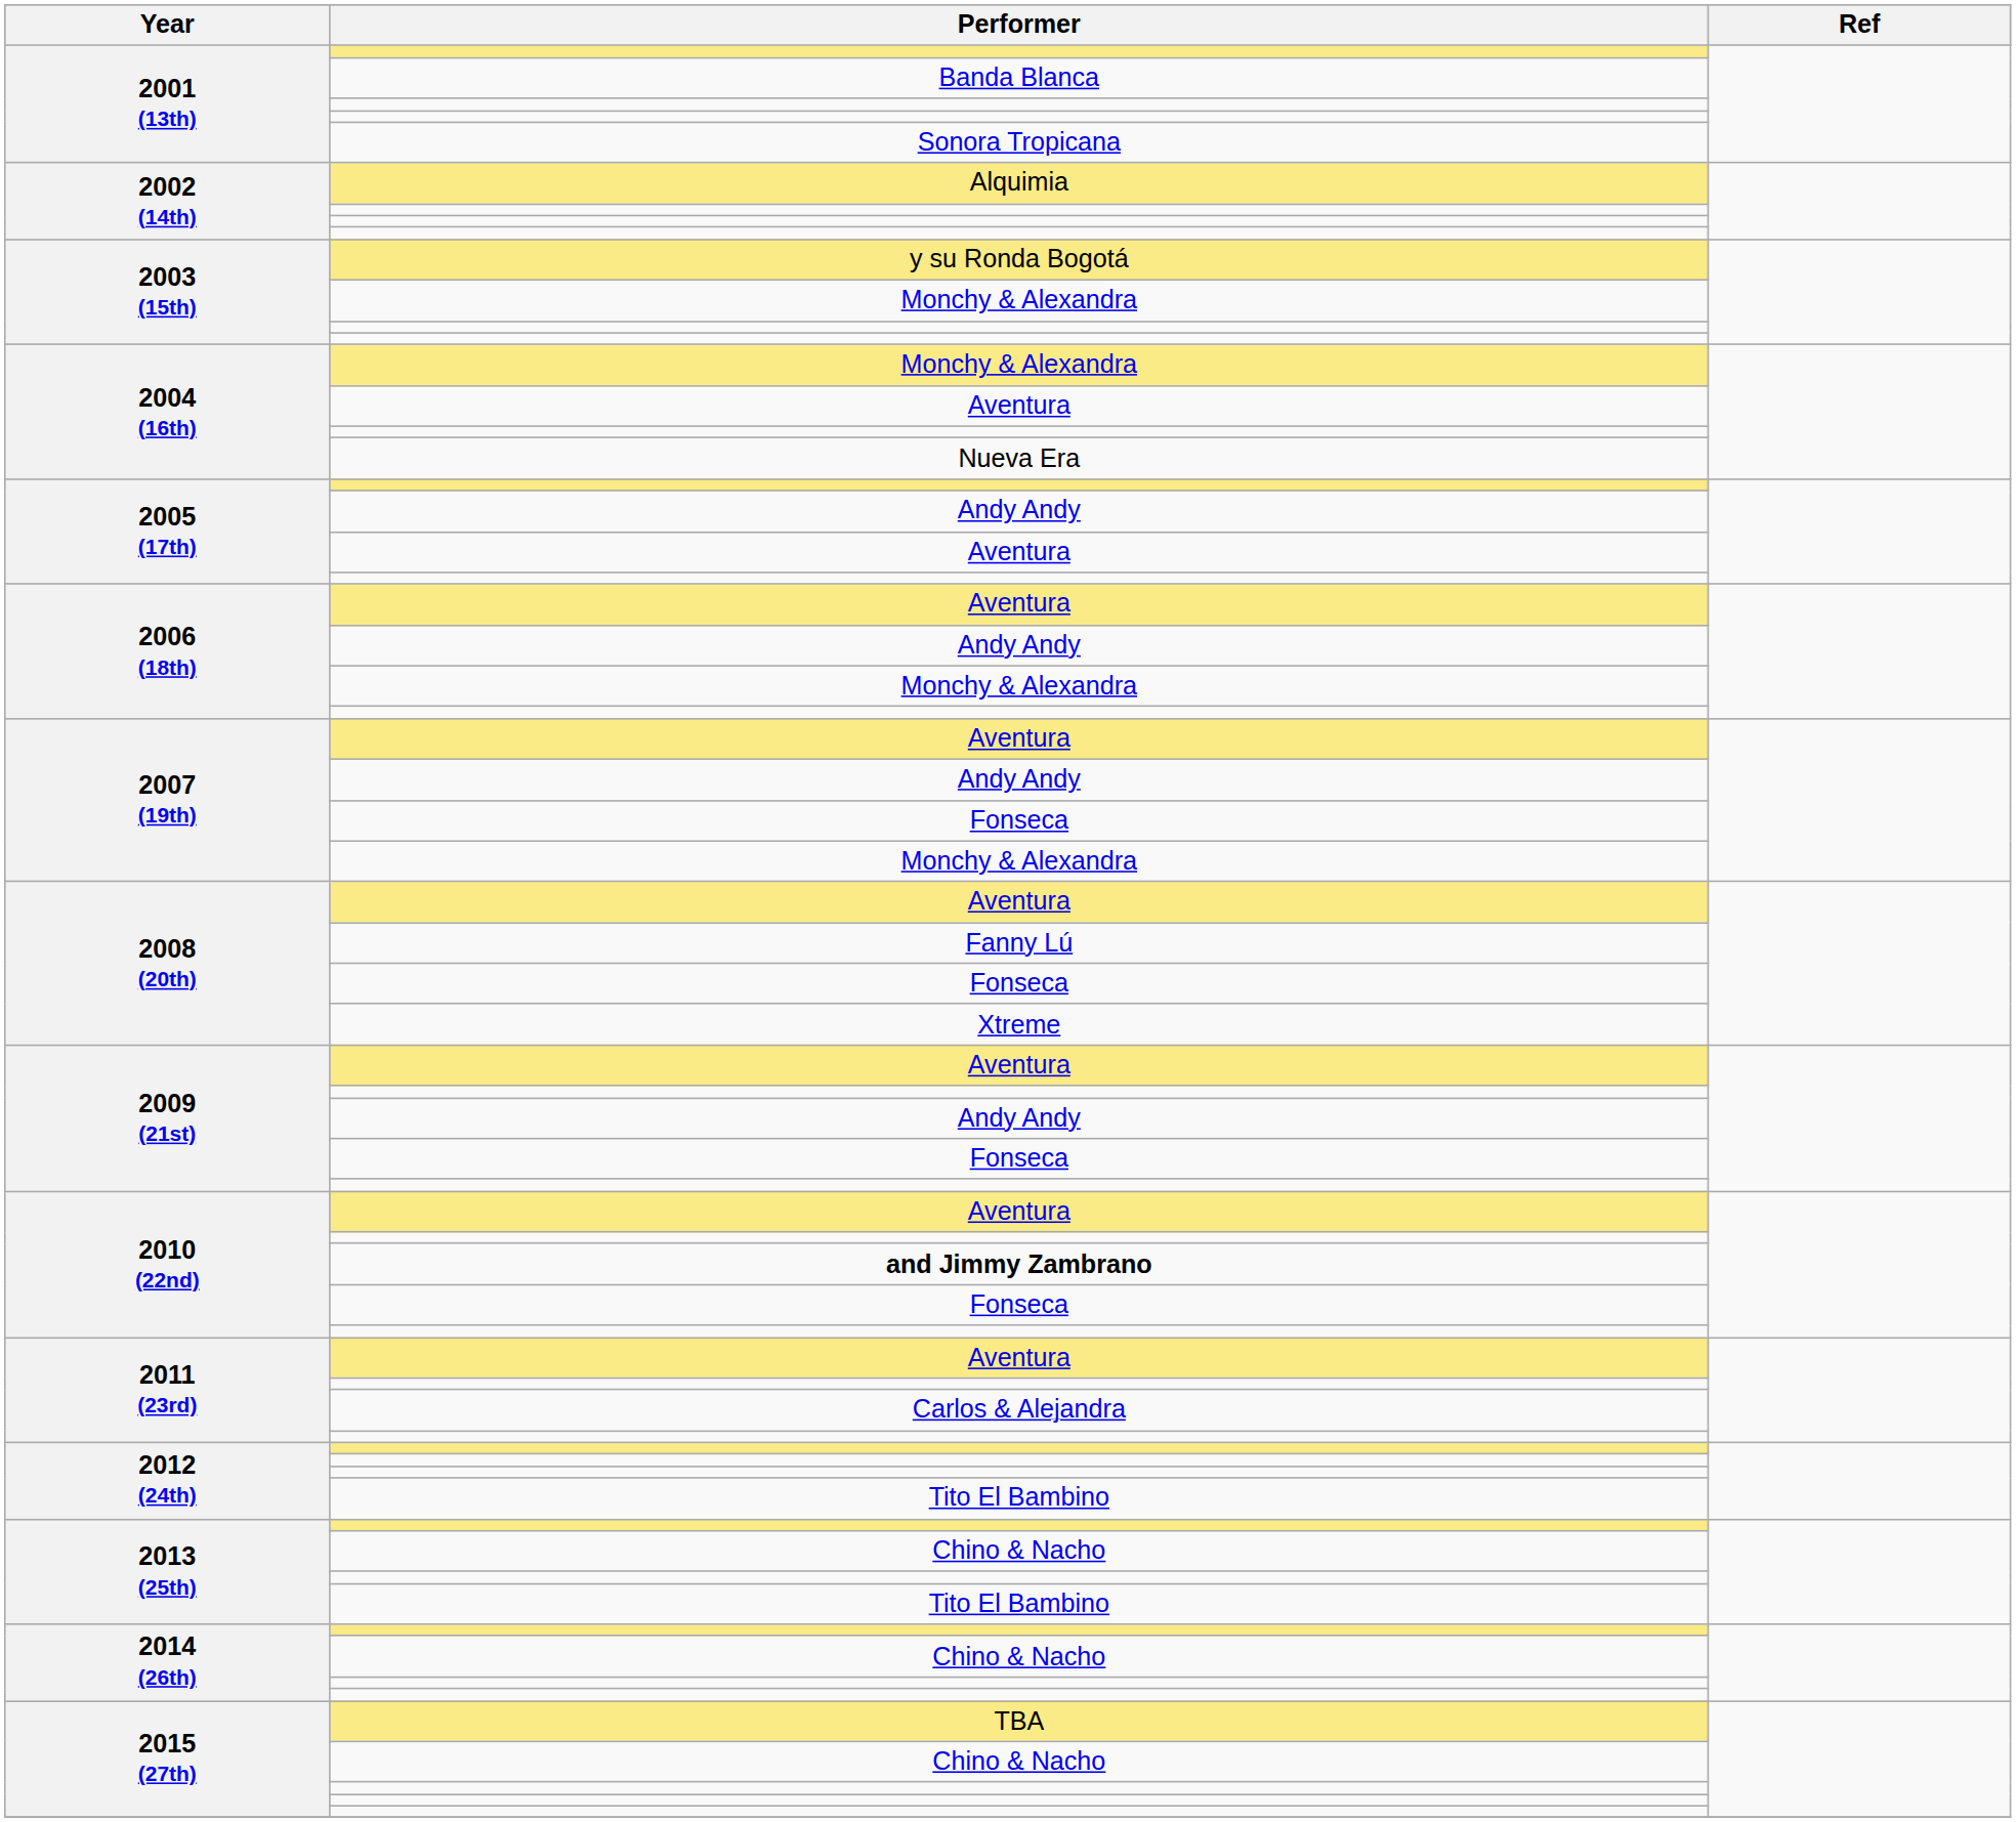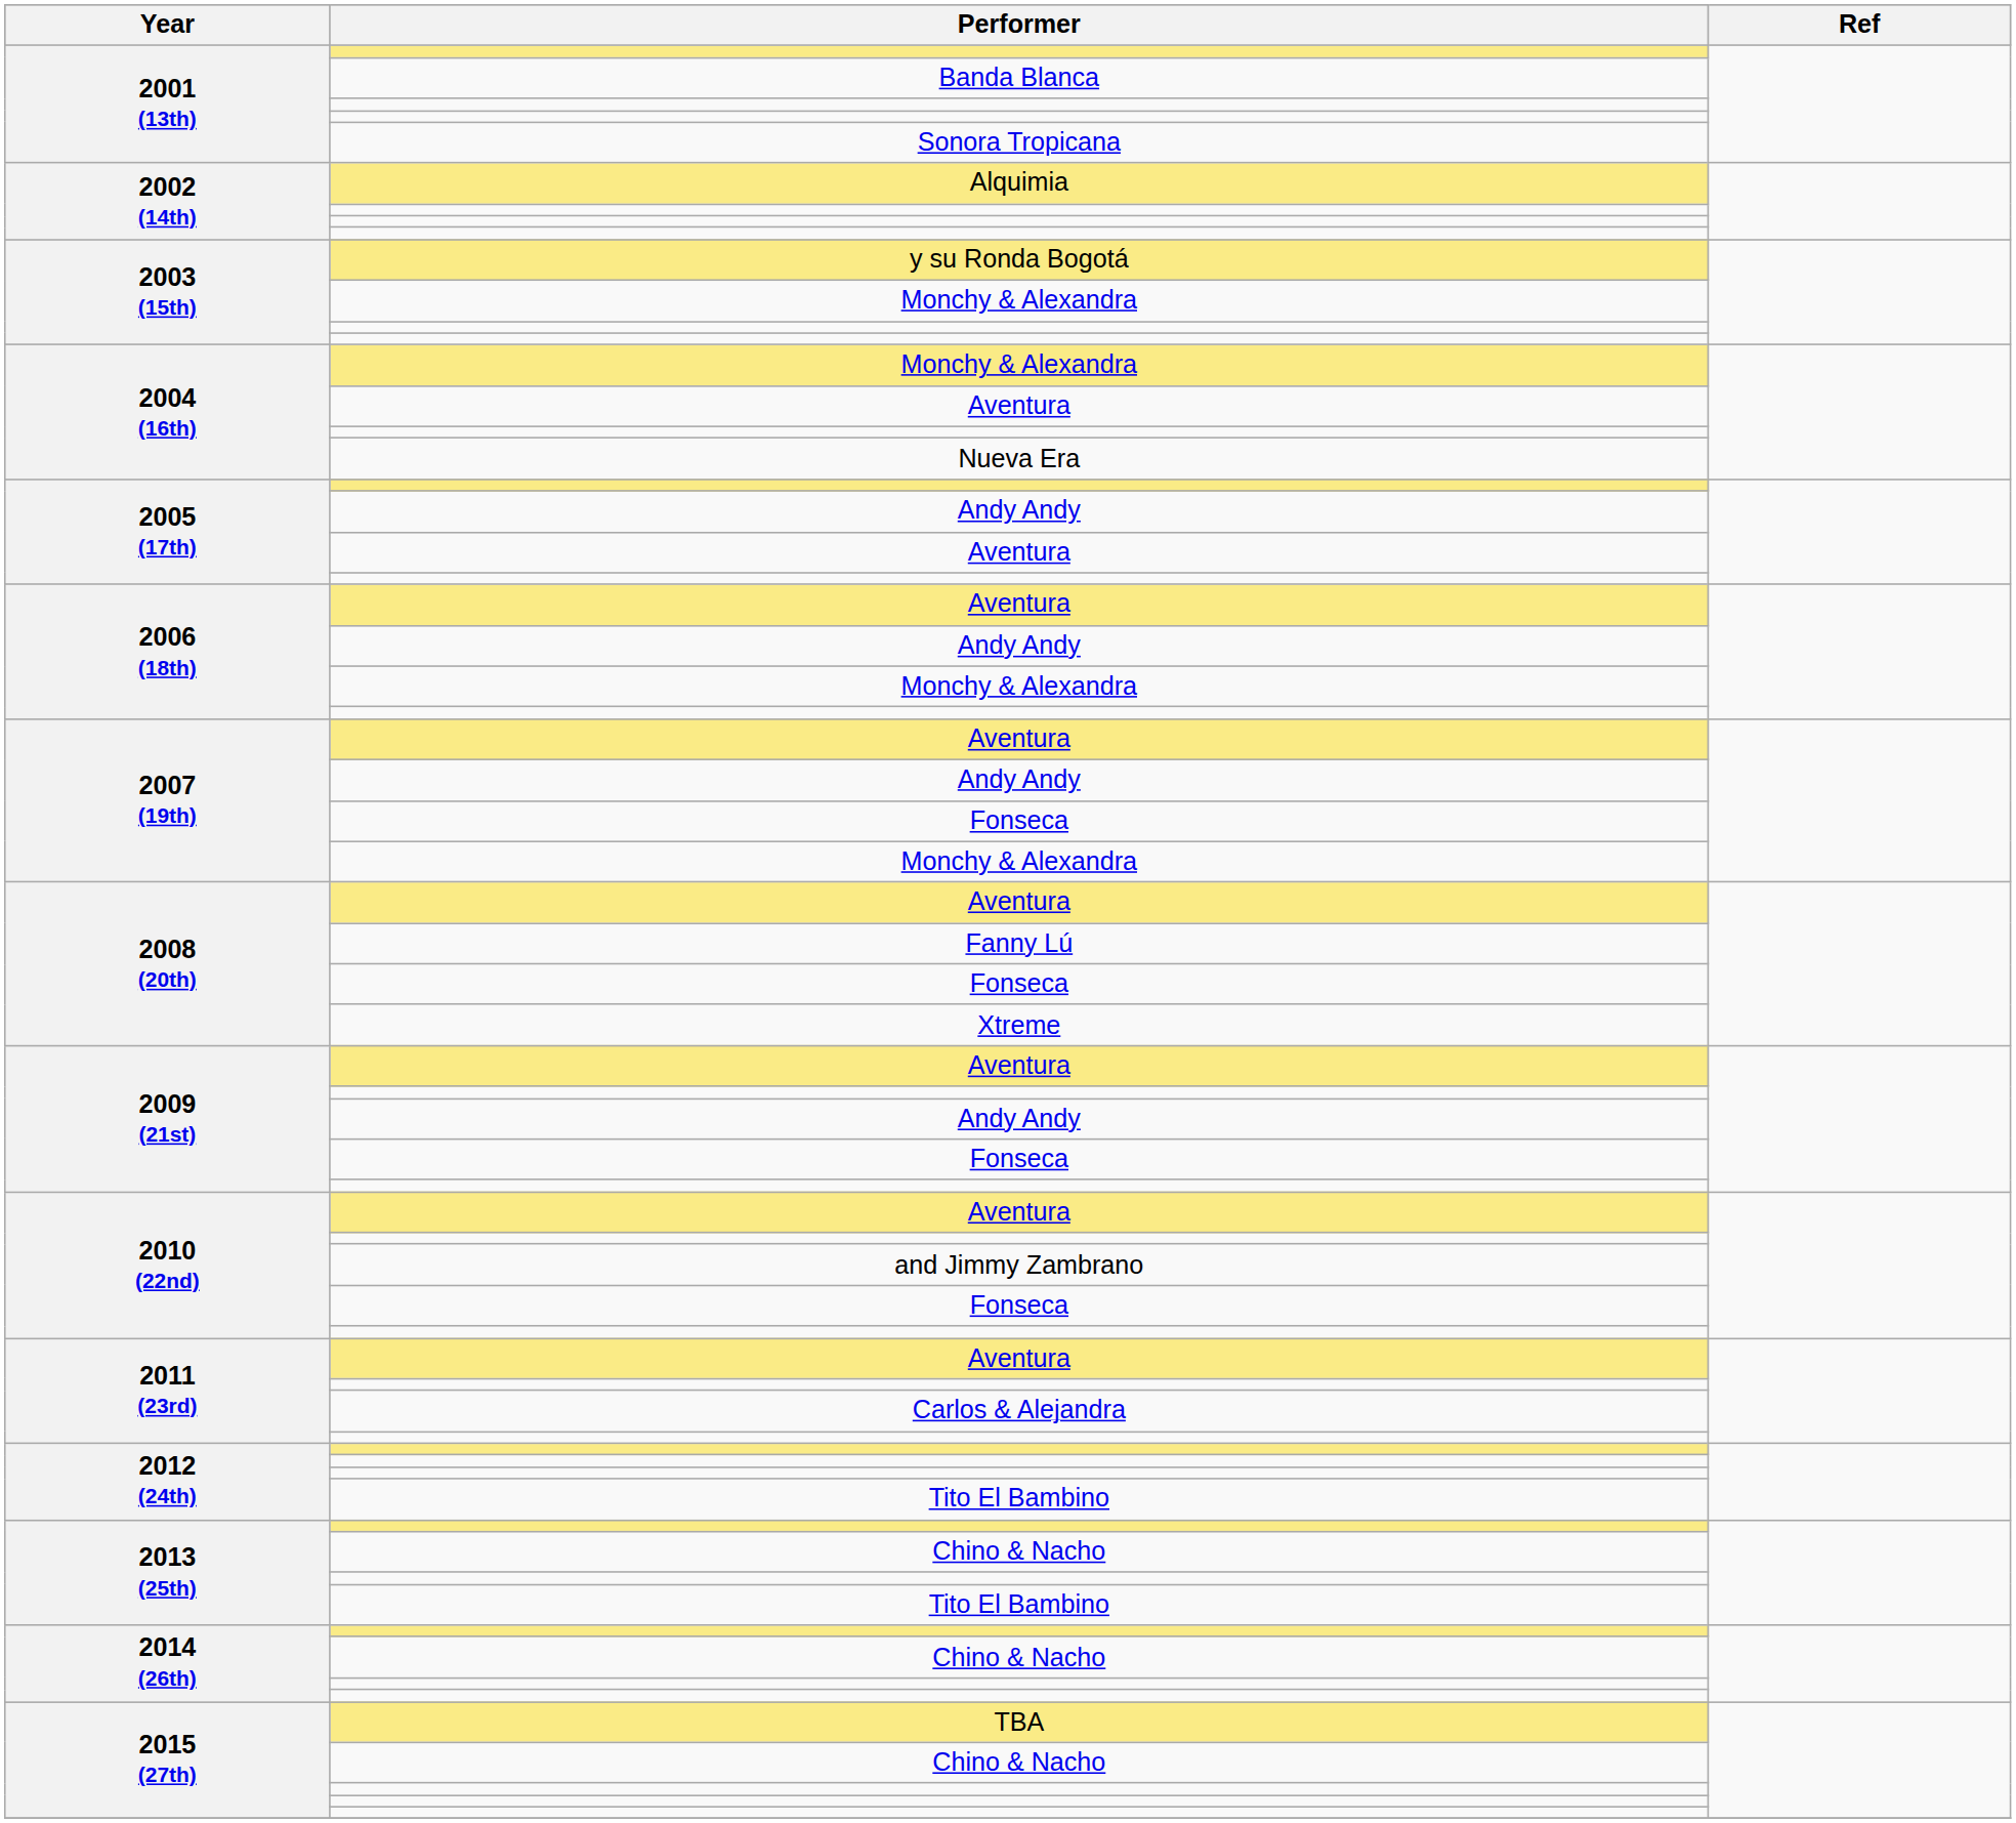 <table class="wikitable sortable" style="text-align:center;">
 <tr style="background:#bebebe;">
 <th scope="col" style="width:1%;">Year</th>
 <th scope="col" style="width:5%;">Performer</th>
 <th scope="col" style="width:1%;" class="unsortable">Ref</th>
 </tr>
 <tr>
 <th scope="row" rowspan=5 style="text-align:center">2001 <br><small><a href='#'>(13th)</a></small></th>
 <td style="background:#FAEB86"></td>
 <td rowspan=5></td>
 </tr>
 <tr>
 <td><a href='#'>Banda Blanca</a></td>
 </tr>
 <tr>
 <td></td>
 </tr>
 <tr>
 <td></td>
 </tr>
 <tr>
 <td><a href='#'>Sonora Tropicana</a></td>
 </tr>
 <tr>
 <th scope="row" rowspan=4 style="text-align:center">2002 <br><small><a href='#'>(14th)</a></small></th>
 <td style="background:#FAEB86">Alquimia</td>
 <td rowspan=4></td>
 </tr>
 <tr>
 <td></td>
 </tr>
 <tr>
 <td></td>
 </tr>
 <tr>
 <td></td>
 </tr>
 <tr>
 <th scope="row" rowspan=4 style="text-align:center">2003 <br><small><a href='#'>(15th)</a></small></th>
 <td style="background:#FAEB86"> y su Ronda Bogotá</td>
 <td rowspan=4></td>
 </tr>
 <tr>
 <td><a href='#'>Monchy & Alexandra</a></td>
 </tr>
 <tr>
 <td></td>
 </tr>
 <tr>
 <td></td>
 </tr>
 <tr>
 <th scope="row" rowspan=4 style="text-align:center">2004 <br><small><a href='#'>(16th)</a></small></th>
 <td style="background:#FAEB86"><a href='#'>Monchy & Alexandra</a></td>
 <td rowspan=4></td>
 </tr>
 <tr>
 <td><a href='#'>Aventura</a></td>
 </tr>
 <tr>
 <td></td>
 </tr>
 <tr>
 <td>Nueva Era</td>
 </tr>
 <tr>
 <th scope="row" rowspan=4 style="text-align:center">2005 <br><small><a href='#'>(17th)</a></small></th>
 <td style="background:#FAEB86"></td>
 <td rowspan=4></td>
 </tr>
 <tr>
 <td><a href='#'>Andy Andy</a></td>
 </tr>
 <tr>
 <td><a href='#'>Aventura</a></td>
 </tr>
 <tr>
 <td></td>
 </tr>
 <tr>
 <th scope="row" rowspan=4 style="text-align:center">2006 <br><small><a href='#'>(18th)</a></small></th>
 <td style="background:#FAEB86"><a href='#'>Aventura</a></td>
 <td rowspan=4></td>
 </tr>
 <tr>
 <td><a href='#'>Andy Andy</a></td>
 </tr>
 <tr>
 <td><a href='#'>Monchy & Alexandra</a></td>
 </tr>
 <tr>
 <td></td>
 </tr>
 <tr>
 <th scope="row" rowspan=4 style="text-align:center">2007 <br><small><a href='#'>(19th)</a></small></th>
 <td style="background:#FAEB86"><a href='#'>Aventura</a></td>
 <td rowspan=4></td>
 </tr>
 <tr>
 <td><a href='#'>Andy Andy</a></td>
 </tr>
 <tr>
 <td><a href='#'>Fonseca</a></td>
 </tr>
 <tr>
 <td><a href='#'>Monchy & Alexandra</a></td>
 </tr>
 <tr>
 <th scope="row" rowspan=4 style="text-align:center">2008 <br><small><a href='#'>(20th)</a></small></th>
 <td style="background:#FAEB86"><a href='#'>Aventura</a></td>
 <td rowspan=4></td>
 </tr>
 <tr>
 <td><a href='#'>Fanny Lú</a></td>
 </tr>
 <tr>
 <td><a href='#'>Fonseca</a></td>
 </tr>
 <tr>
 <td><a href='#'>Xtreme</a></td>
 </tr>
 <tr>
 <th scope="row" rowspan=5 style="text-align:center">2009 <br><small><a href='#'>(21st)</a></small></th>
 <td style="background:#FAEB86"><a href='#'>Aventura</a></td>
 <td rowspan=5></td>
 </tr>
 <tr>
 <td></td>
 </tr>
 <tr>
 <td><a href='#'>Andy Andy</a></td>
 </tr>
 <tr>
 <td><a href='#'>Fonseca</a></td>
 </tr>
 <tr>
 <td></td>
 </tr>
 <tr>
 <th scope="row" rowspan=5 style="text-align:center">2010 <br><small><a href='#'>(22nd)</a></small></th>
 <td style="background:#FAEB86"><a href='#'>Aventura</a></td>
 <td rowspan=5></td>
 </tr>
 <tr>
 <td></td>
 </tr>
 <tr>
-<td><strong> and Jimmy Zambrano</strong></td>
+<td> and Jimmy Zambrano</td>
 </tr>
 <tr>
 <td><a href='#'>Fonseca</a></td>
 </tr>
 <tr>
 <td></td>
 </tr>
 <tr>
 <th scope="row" rowspan=4 style="text-align:center">2011 <br><small><a href='#'>(23rd)</a></small></th>
 <td style="background:#FAEB86"><a href='#'>Aventura</a></td>
 <td rowspan=4></td>
 </tr>
 <tr>
 <td></td>
 </tr>
 <tr>
 <td><a href='#'>Carlos & Alejandra</a></td>
 </tr>
 <tr>
 <td></td>
 </tr>
 <tr>
 <th scope="row" rowspan=4 style="text-align:center">2012 <br><small><a href='#'>(24th)</a></small></th>
 <td style="background:#FAEB86"></td>
 <td rowspan=4></td>
 </tr>
 <tr>
 <td></td>
 </tr>
 <tr>
 <td></td>
 </tr>
 <tr>
 <td><a href='#'>Tito El Bambino</a></td>
 </tr>
 <tr>
 <th scope="row" rowspan=4 style="text-align:center">2013 <br><small><a href='#'>(25th)</a></small></th>
 <td style="background:#FAEB86"></td>
 <td rowspan=4></td>
 </tr>
 <tr>
 <td><a href='#'>Chino & Nacho</a></td>
 </tr>
 <tr>
 <td></td>
 </tr>
 <tr>
 <td><a href='#'>Tito El Bambino</a></td>
 </tr>
 <tr>
 <th scope="row" rowspan=4 style="text-align:center">2014 <br><small><a href='#'>(26th)</a></small></th>
 <td style="background:#FAEB86"></td>
 <td rowspan=4></td>
 </tr>
 <tr>
 <td><a href='#'>Chino & Nacho</a></td>
 </tr>
 <tr>
 <td></td>
 </tr>
 <tr>
 <td></td>
 </tr>
 <tr>
 <th scope="row" rowspan=5 style="text-align:center">2015 <br><small><a href='#'>(27th)</a></small></th>
 <td style="background:#FAEB86">TBA</td>
 <td rowspan=5></td>
 </tr>
 <tr>
 <td><a href='#'>Chino & Nacho</a></td>
 </tr>
 <tr>
 <td></td>
 </tr>
 <tr>
 <td></td>
 </tr>
 <tr>
 <td></td>
 </tr>
 <tr>
 </tr>
 </table>
